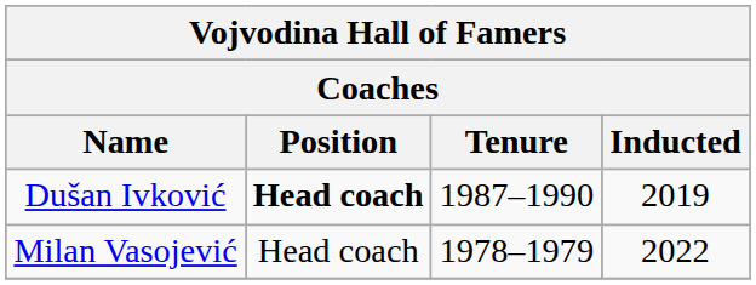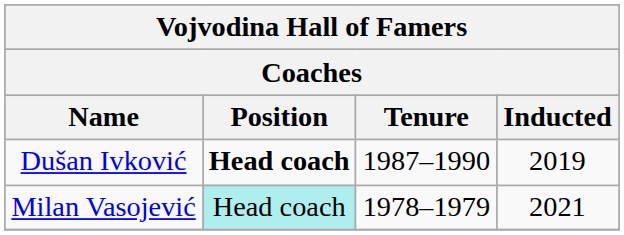 <table class="wikitable" style="text-align:center">
 <tr>
 <th colspan="5">Vojvodina Hall of Famers</th>
 </tr>
 <tr>
 <th colspan="5">Coaches</th>
 </tr>
 <tr>
 <th colspan=2>Name</th>
 <th>Position</th>
 <th>Tenure</th>
 <th>Inducted</th>
 </tr>
 <tr>
 <td colspan=2><a href='#'>Dušan Ivković</a></td>
 <td><strong>Head coach</strong></td>
 <td>1987–1990</td>
 <td>2019</td>
 </tr>
 <tr>
 <td colspan=2><a href='#'>Milan Vasojević</a></td>
-<td>Head coach</td>
+<td style="background: paleturquoise;">Head coach</td>
 <td>1978–1979</td>
-<td>2022</td>
+<td>2021</td>
 </tr>
 <tr>
 </tr>
 </table>
